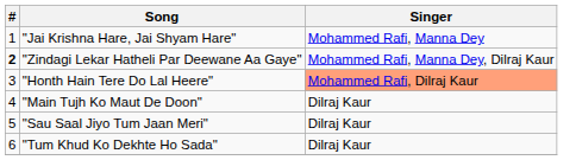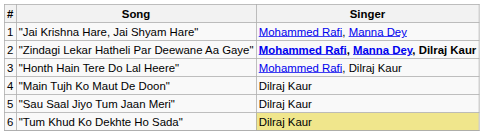 <table class="wikitable" style="font-size:95%;">
 <tr>
 <th>#</th>
 <th>Song</th>
 <th>Singer</th>
 </tr>
 <tr>
 <td>1</td>
 <td>"Jai Krishna Hare, Jai Shyam Hare"</td>
 <td><a href='#'>Mohammed Rafi</a>, <a href='#'>Manna Dey</a></td>
 </tr>
 <tr>
-<td><strong>2</strong></td>
+<td>2</td>
 <td>"Zindagi Lekar Hatheli Par Deewane Aa Gaye"</td>
-<td><a href='#'>Mohammed Rafi</a>, <a href='#'>Manna Dey</a>, Dilraj Kaur</td>
+<td><strong><a href='#'>Mohammed Rafi</a>, <a href='#'>Manna Dey</a>, Dilraj Kaur</strong></td>
 </tr>
 <tr>
 <td>3</td>
 <td>"Honth Hain Tere Do Lal Heere"</td>
-<td style="background: lightsalmon;"><a href='#'>Mohammed Rafi</a>, Dilraj Kaur</td>
+<td><a href='#'>Mohammed Rafi</a>, Dilraj Kaur</td>
 </tr>
 <tr>
 <td>4</td>
 <td>"Main Tujh Ko Maut De Doon"</td>
 <td>Dilraj Kaur</td>
 </tr>
 <tr>
 <td>5</td>
 <td>"Sau Saal Jiyo Tum Jaan Meri"</td>
 <td>Dilraj Kaur</td>
 </tr>
 <tr>
 <td>6</td>
 <td>"Tum Khud Ko Dekhte Ho Sada"</td>
-<td>Dilraj Kaur</td>
+<td style="background: khaki;">Dilraj Kaur</td>
 </tr>
 <tr>
 </tr>
 </table>
